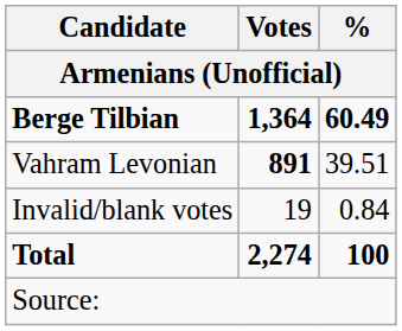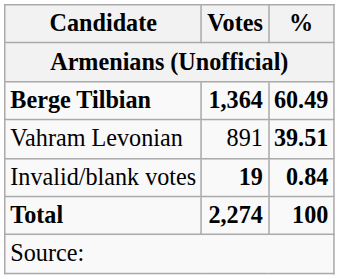 <table class=wikitable style=text-align:right>
 <tr>
 <th>Candidate</th>
 <th>Votes</th>
 <th>%</th>
 </tr>
 <tr>
 <th colspan=3>Armenians (Unofficial)</th>
 </tr>
 <tr>
 <td align=left><strong>Berge Tilbian</strong></td>
 <td><strong>1,364</strong></td>
 <td><strong>60.49</strong></td>
 </tr>
 <tr>
 <td align=left>Vahram Levonian</td>
-<td><strong>891</strong></td>
-<td>39.51</td>
+<td>891</td>
+<td><strong>39.51</strong></td>
 </tr>
 <tr>
 <td align=left>Invalid/blank votes</td>
-<td>19</td>
-<td>0.84</td>
+<td><strong>19</strong></td>
+<td><strong>0.84</strong></td>
 </tr>
 <tr>
 <td align=left><strong>Total</strong></td>
 <td><strong>2,274</strong></td>
 <td><strong>100</strong></td>
 </tr>
 <tr>
 <td align=left colspan=4>Source: </td>
 </tr>
 </table>
